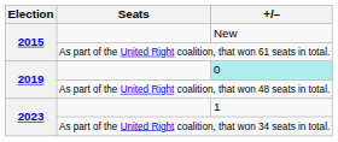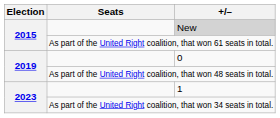 <table class=wikitable>
 <tr>
 <th>Election</th>
 <th>Seats</th>
 <th>+/–</th>
 </tr>
 <tr>
 <th rowspan="2"><a href='#'>2015</a></th>
 <td></td>
-<td>New</td>
+<td style="background: lightgrey;">New</td>
 </tr>
 <tr>
 <td colspan="2"><small>As part of the <a href='#'>United Right</a> coalition, that won 61 seats in total.</small></td>
 </tr>
 <tr>
 <th rowspan="2"><a href='#'>2019</a></th>
 <td></td>
-<td style="background: paleturquoise;"> 0</td>
+<td> 0</td>
 </tr>
 <tr>
 <td colspan="2"><small>As part of the <a href='#'>United Right</a> coalition, that won 48 seats in total.</small></td>
 </tr>
 <tr>
 <th rowspan="2"><a href='#'>2023</a></th>
 <td></td>
 <td> 1</td>
 </tr>
 <tr>
 <td colspan="2"><small>As part of the <a href='#'>United Right</a> coalition, that won 34 seats in total.</small></td>
 </tr>
 </table>
